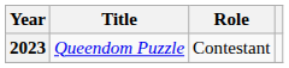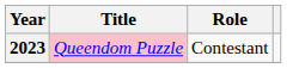 <table class="wikitable  plainrowheaders">
 <tr>
 <th scope="col">Year</th>
 <th scope="col">Title</th>
 <th scope="col">Role</th>
 <th scope="col" class="unsortable"></th>
 </tr>
 <tr>
 <th scope="row">2023</th>
-<td><em><a href='#'>Queendom Puzzle</a></em></td>
+<td style="background: pink;"><em><a href='#'>Queendom Puzzle</a></em></td>
 <td>Contestant</td>
 <td></td>
 </tr>
 <tr>
 </tr>
 </table>
